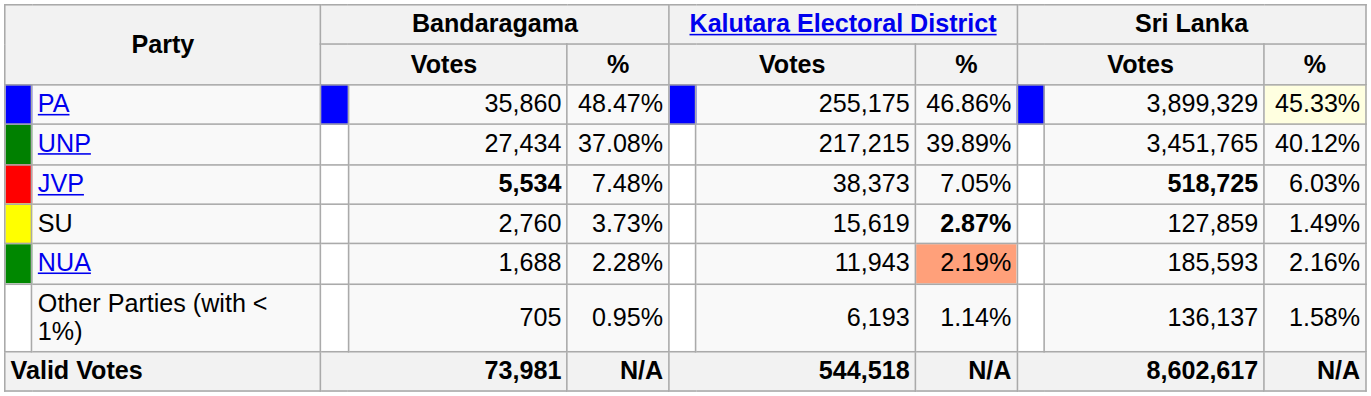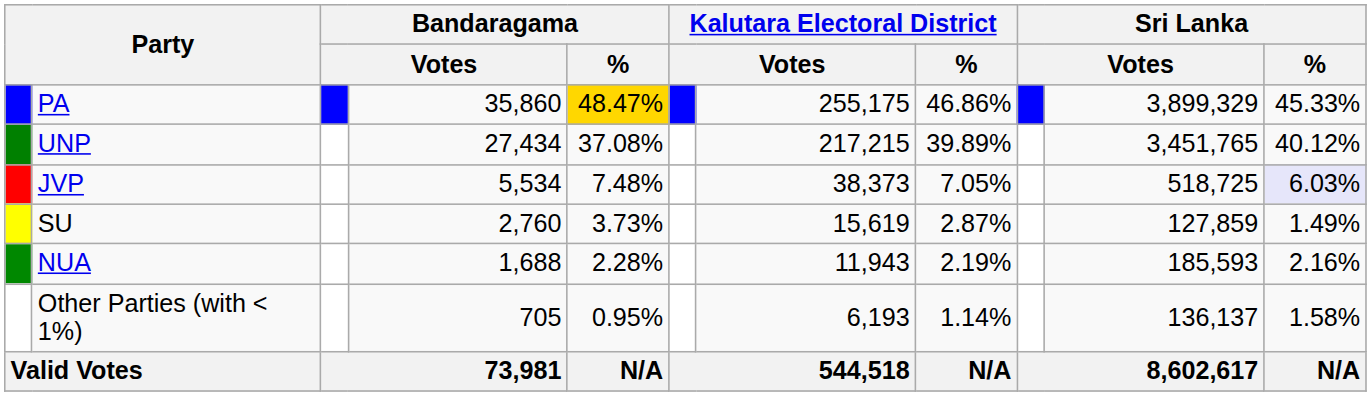 <table class="wikitable">
 <tr>
 <th colspan="2" width="144px"rowspan="2">Party</th>
 <th colspan="3" width="216px">Bandaragama</th>
 <th colspan="3" width="216px"><a href='#'>Kalutara Electoral District</a></th>
 <th colspan="3" width="216px">Sri Lanka</th>
 </tr>
 <tr>
 <th colspan="2" width="144px">Votes</th>
 <th>%</th>
 <th colspan="2" width="144px">Votes</th>
 <th>%</th>
 <th colspan="2" width="144px">Votes</th>
 <th>%</th>
 </tr>
 <tr>
 <td style="background-color:blue;" width="10px"></td>
 <td style="text-align:left;"><a href='#'>PA</a></td>
 <td style="background-color:blue;" width="10px"></td>
 <td style="text-align:right;">35,860</td>
-<td style="text-align:right;">48.47%</td>
+<td style="background: gold; text-align:right;">48.47%</td>
 <td style="background-color:blue;" width="10px"></td>
 <td style="text-align:right;">255,175</td>
 <td style="text-align:right;">46.86%</td>
 <td style="background-color:blue;" width="10px"></td>
 <td style="text-align:right;">3,899,329</td>
-<td style="background: lightyellow; text-align:right;">45.33%</td>
+<td style="text-align:right;">45.33%</td>
 </tr>
 <tr>
 <td style="background-color:green;" width="10px"></td>
 <td style="text-align:left;"><a href='#'>UNP</a></td>
 <td style="background-color:white;" width="10px"></td>
 <td style="text-align:right;">27,434</td>
 <td style="text-align:right;">37.08%</td>
 <td style="background-color:white;" width="10px"></td>
 <td style="text-align:right;">217,215</td>
 <td style="text-align:right;">39.89%</td>
 <td style="background-color:white;" width="10px"></td>
 <td style="text-align:right;">3,451,765</td>
 <td style="text-align:right;">40.12%</td>
 </tr>
 <tr>
 <td style="background-color:red;" width="10px"></td>
 <td style="text-align:left;"><a href='#'>JVP</a></td>
 <td style="background-color:white;" width="10px"></td>
-<td style="text-align:right;"><strong>5,534</strong></td>
+<td style="text-align:right;">5,534</td>
 <td style="text-align:right;">7.48%</td>
 <td style="background-color:white;" width="10px"></td>
 <td style="text-align:right;">38,373</td>
 <td style="text-align:right;">7.05%</td>
 <td style="background-color:white;" width="10px"></td>
-<td style="text-align:right;"><strong>518,725</strong></td>
-<td style="text-align:right;">6.03%</td>
+<td style="text-align:right;">518,725</td>
+<td style="background: lavender; text-align:right;">6.03%</td>
 </tr>
 <tr>
 <td style="background-color:yellow;" width="10px"></td>
 <td style="text-align:left;">SU</td>
 <td style="background-color:white;" width="10px"></td>
 <td style="text-align:right;">2,760</td>
 <td style="text-align:right;">3.73%</td>
 <td style="background-color:white;" width="10px"></td>
 <td style="text-align:right;">15,619</td>
-<td style="text-align:right;"><strong>2.87%</strong></td>
+<td style="text-align:right;">2.87%</td>
 <td style="background-color:white;" width="10px"></td>
 <td style="text-align:right;">127,859</td>
 <td style="text-align:right;">1.49%</td>
 </tr>
 <tr>
 <td style="background-color:#008800;" width="10px"></td>
 <td style="text-align:left;"><a href='#'>NUA</a></td>
 <td style="background-color:white;" width="10px"></td>
 <td style="text-align:right;">1,688</td>
 <td style="text-align:right;">2.28%</td>
 <td style="background-color:white;" width="10px"></td>
 <td style="text-align:right;">11,943</td>
-<td style="background: lightsalmon; text-align:right;">2.19%</td>
+<td style="text-align:right;">2.19%</td>
 <td style="background-color:white;" width="10px"></td>
 <td style="text-align:right;">185,593</td>
 <td style="text-align:right;">2.16%</td>
 </tr>
 <tr>
 <td style="background-color:white;" width="10px"></td>
 <td style="text-align:left;">Other Parties (with < 1%)</td>
 <td style="background-color:white;" width="10px"></td>
 <td style="text-align:right;">705</td>
 <td style="text-align:right;">0.95%</td>
 <td style="background-color:white;" width="10px"></td>
 <td style="text-align:right;">6,193</td>
 <td style="text-align:right;">1.14%</td>
 <td style="background-color:white;" width="10px"></td>
 <td style="text-align:right;">136,137</td>
 <td style="text-align:right;">1.58%</td>
 </tr>
 <tr>
 <th colspan="2" width="144px"style="text-align:left;">Valid Votes</th>
 <th style="text-align:right;"colspan="2" width="144px">73,981</th>
 <th style="text-align:right;">N/A</th>
 <th style="text-align:right;"colspan="2" width="144px">544,518</th>
 <th style="text-align:right;">N/A</th>
 <th style="text-align:right;"colspan="2" width="144px">8,602,617</th>
 <th style="text-align:right;">N/A</th>
 </tr>
 </table>
